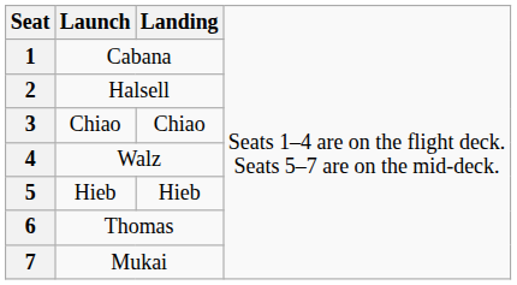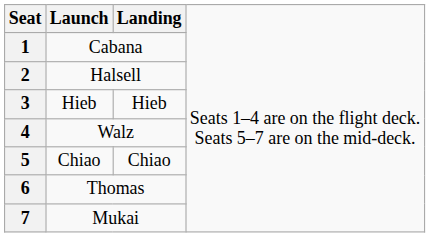 <table class="wikitable" style="text-align:center">
 <tr>
 <th>Seat</th>
 <th>Launch</th>
 <th>Landing</th>
 <td rowspan=8><br>Seats 1–4 are on the flight deck.<br>Seats 5–7 are on the mid-deck.</td>
 </tr>
 <tr>
 <th>1</th>
 <td colspan=2>Cabana</td>
 </tr>
 <tr>
 <th>2</th>
 <td colspan=2>Halsell</td>
 </tr>
 <tr>
 <th>3</th>
-<td>Chiao</td>
-<td>Chiao</td>
+<td>Hieb</td>
+<td>Hieb</td>
 </tr>
 <tr>
 <th>4</th>
 <td colspan=2>Walz</td>
 </tr>
 <tr>
 <th>5</th>
-<td>Hieb</td>
-<td>Hieb</td>
+<td>Chiao</td>
+<td>Chiao</td>
 </tr>
 <tr>
 <th>6</th>
 <td colspan=2>Thomas</td>
 </tr>
 <tr>
 <th>7</th>
 <td colspan=2>Mukai</td>
 </tr>
 </table>
